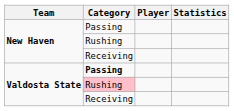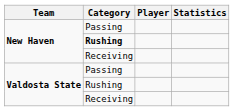 <table class="wikitable" style="float: left;">
 <tr>
 <th>Team</th>
 <th>Category</th>
 <th>Player</th>
 <th>Statistics</th>
 </tr>
 <tr>
 <td rowspan=3><strong>New Haven</strong></td>
 <td>Passing</td>
 <td></td>
 <td></td>
 </tr>
 <tr>
-<td>Rushing</td>
+<td><strong>Rushing</strong></td>
 <td></td>
 <td></td>
 </tr>
 <tr>
 <td>Receiving</td>
 <td></td>
 <td></td>
 </tr>
 <tr>
 <td rowspan=3><strong>Valdosta State</strong></td>
-<td><strong>Passing</strong></td>
+<td>Passing</td>
 <td></td>
 <td></td>
 </tr>
 <tr>
-<td style="background: pink;">Rushing</td>
+<td>Rushing</td>
 <td></td>
 <td></td>
 </tr>
 <tr>
 <td>Receiving</td>
 <td></td>
 <td></td>
 </tr>
 </table>
